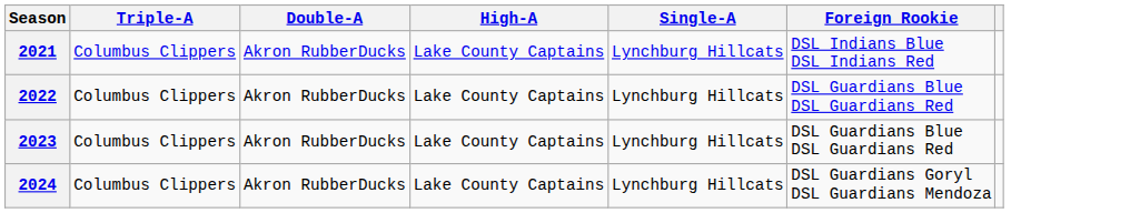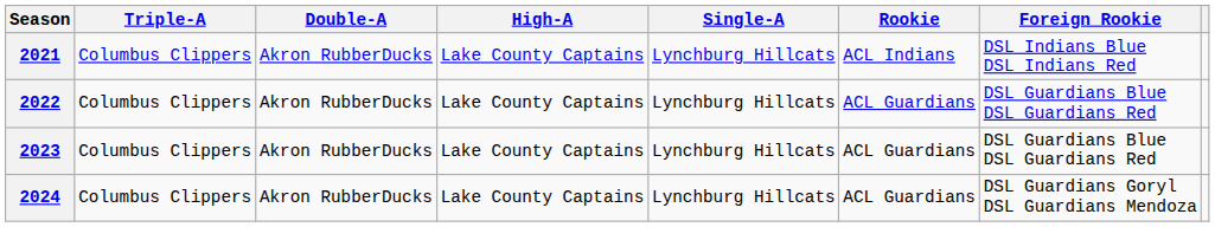 <table class="wikitable plainrowheaders">
 <tr>
 <th scope="col">Season</th>
 <th scope="col"><a href='#'><span>Triple-A</span></a></th>
 <th scope="col"><a href='#'><span>Double-A</span></a></th>
 <th scope="col"><a href='#'><span>High-A</span></a></th>
 <th scope="col"><a href='#'><span>Single-A</span></a></th>
+<th scope="col"><a href='#'><span>Rookie</span></a></th>
 <th scope="col"><a href='#'><span>Foreign Rookie</span></a></th>
 <th scope="col"></th>
 </tr>
 <tr>
 <th scope="row" style="text-align:center"><a href='#'>2021</a></th>
 <td><a href='#'>Columbus Clippers</a></td>
 <td><a href='#'>Akron RubberDucks</a></td>
 <td><a href='#'>Lake County Captains</a></td>
 <td><a href='#'>Lynchburg Hillcats</a></td>
+<td><a href='#'>ACL Indians</a></td>
 <td><a href='#'>DSL Indians Blue</a><br><a href='#'>DSL Indians Red</a></td>
 <td align="center"></td>
 </tr>
 <tr>
 <th scope="row" style="text-align:center"><a href='#'>2022</a></th>
 <td>Columbus Clippers</td>
 <td>Akron RubberDucks</td>
 <td>Lake County Captains</td>
 <td>Lynchburg Hillcats</td>
+<td><a href='#'>ACL Guardians</a></td>
 <td><a href='#'>DSL Guardians Blue</a><br><a href='#'>DSL Guardians Red</a></td>
 <td align="center"></td>
 </tr>
 <tr>
 <th scope="row" style="text-align:center"><a href='#'>2023</a></th>
 <td>Columbus Clippers</td>
 <td>Akron RubberDucks</td>
 <td>Lake County Captains</td>
 <td>Lynchburg Hillcats</td>
+<td>ACL Guardians</td>
 <td>DSL Guardians Blue<br>DSL Guardians Red</td>
 <td align="center"></td>
 </tr>
 <tr>
 <th scope="row" style="text-align:center"><a href='#'>2024</a></th>
 <td>Columbus Clippers</td>
 <td>Akron RubberDucks</td>
 <td>Lake County Captains</td>
 <td>Lynchburg Hillcats</td>
+<td>ACL Guardians</td>
 <td>DSL Guardians Goryl<br>DSL Guardians Mendoza</td>
 <td align="center"></td>
 </tr>
 </table>
